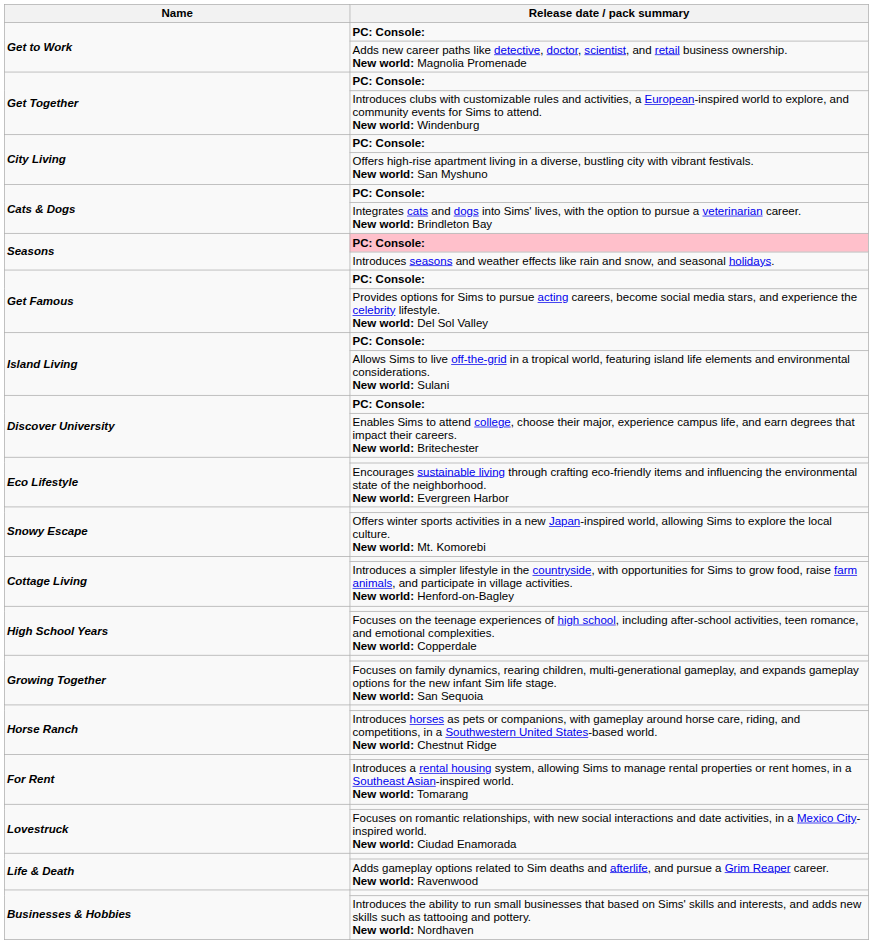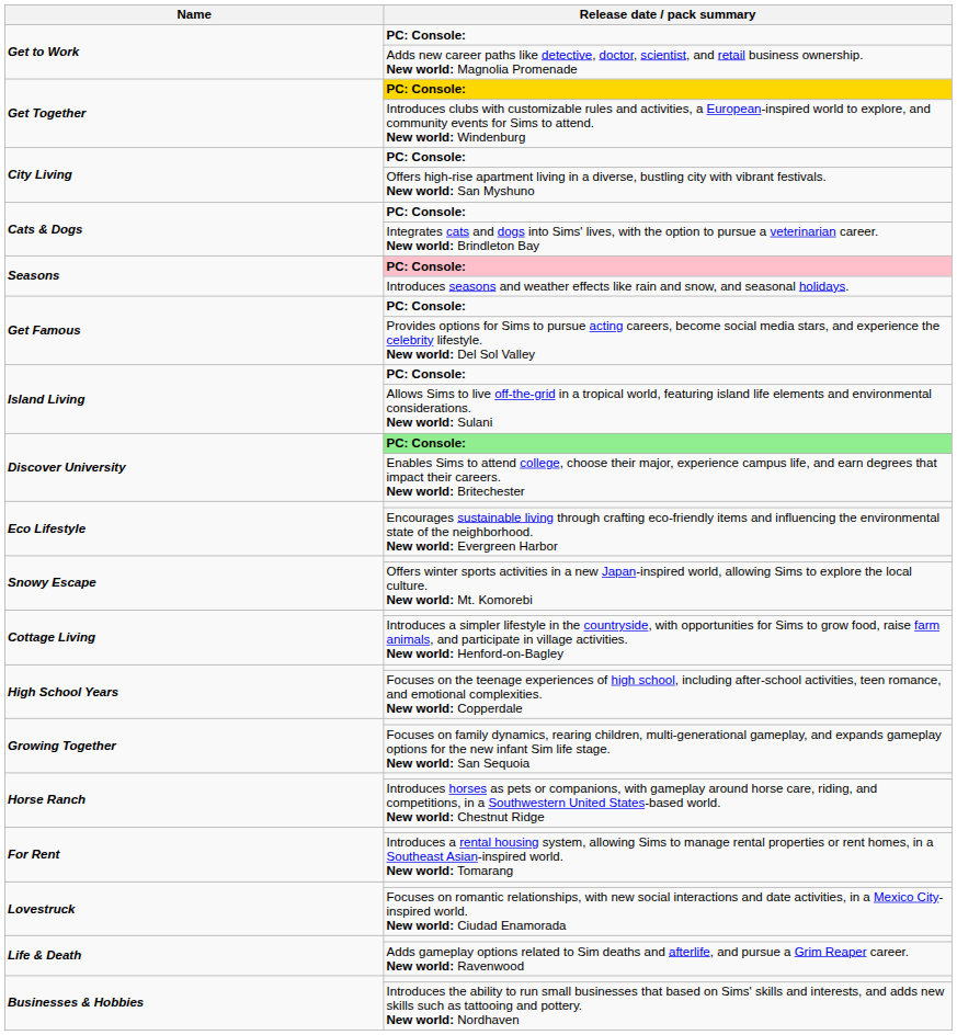 <table class="wikitable" width="95%">
 <tr>
 <th width="40%">Name</th>
 <th>Release date / pack summary</th>
 </tr>
 <tr>
 <td rowspan="2"><strong><em>Get to Work</em></strong></td>
 <td><strong>PC:</strong> <strong>Console:</strong></td>
 </tr>
 <tr>
 <td>Adds new career paths like <a href='#'>detective</a>, <a href='#'>doctor</a>, <a href='#'>scientist</a>, and <a href='#'>retail</a> business ownership.<br><strong>New world:</strong> Magnolia Promenade</td>
 </tr>
 <tr>
 <td rowspan="2"><strong><em>Get Together</em></strong></td>
-<td><strong>PC:</strong> <strong>Console:</strong></td>
+<td style="background: gold;"><strong>PC:</strong> <strong>Console:</strong></td>
 </tr>
 <tr>
 <td>Introduces clubs with customizable rules and activities, a <a href='#'>European</a>-inspired world to explore, and community events for Sims to attend.<br><strong>New world:</strong> Windenburg</td>
 </tr>
 <tr>
 <td rowspan="2"><strong><em>City Living</em></strong></td>
 <td><strong>PC:</strong> <strong>Console:</strong></td>
 </tr>
 <tr>
 <td>Offers high-rise apartment living in a diverse, bustling city with vibrant festivals.<br><strong>New world:</strong> San Myshuno</td>
 </tr>
 <tr>
 <td rowspan="2"><strong><em>Cats & Dogs</em></strong></td>
 <td><strong>PC:</strong> <strong>Console:</strong></td>
 </tr>
 <tr>
 <td>Integrates <a href='#'>cats</a> and <a href='#'>dogs</a> into Sims' lives, with the option to pursue a <a href='#'>veterinarian</a> career.<br><strong>New world:</strong> Brindleton Bay</td>
 </tr>
 <tr>
 <td rowspan="2"><strong><em>Seasons</em></strong></td>
 <td style="background: pink;"><strong>PC:</strong> <strong>Console:</strong></td>
 </tr>
 <tr>
 <td>Introduces <a href='#'>seasons</a> and weather effects like rain and snow, and seasonal <a href='#'>holidays</a>.</td>
 </tr>
 <tr>
 <td rowspan="2"><strong><em>Get Famous</em></strong></td>
 <td><strong>PC:</strong> <strong>Console:</strong></td>
 </tr>
 <tr>
 <td>Provides options for Sims to pursue <a href='#'>acting</a> careers, become social media stars, and experience the <a href='#'>celebrity</a> lifestyle.<br><strong>New world:</strong> Del Sol Valley</td>
 </tr>
 <tr>
 <td rowspan="2"><strong><em>Island Living</em></strong></td>
 <td><strong>PC:</strong> <strong>Console:</strong></td>
 </tr>
 <tr>
 <td>Allows Sims to live <a href='#'>off-the-grid</a> in a tropical world, featuring island life elements and environmental considerations.<br><strong>New world:</strong> Sulani</td>
 </tr>
 <tr>
 <td rowspan="2"><strong><em>Discover University</em></strong></td>
-<td><strong>PC:</strong> <strong>Console:</strong></td>
+<td style="background: lightgreen;"><strong>PC:</strong> <strong>Console:</strong></td>
 </tr>
 <tr>
 <td>Enables Sims to attend <a href='#'>college</a>, choose their major, experience campus life, and earn degrees that impact their careers.<br><strong>New world:</strong> Britechester</td>
 </tr>
 <tr>
 <td rowspan="2"><strong><em>Eco Lifestyle</em></strong></td>
 <td></td>
 </tr>
 <tr>
 <td>Encourages <a href='#'>sustainable living</a> through crafting eco-friendly items and influencing the environmental state of the neighborhood.<br><strong>New world:</strong> Evergreen Harbor</td>
 </tr>
 <tr>
 <td rowspan="2"><strong><em>Snowy Escape</em></strong></td>
 <td></td>
 </tr>
 <tr>
 <td>Offers winter sports activities in a new <a href='#'>Japan</a>-inspired world, allowing Sims to explore the local culture.<br><strong>New world:</strong> Mt. Komorebi</td>
 </tr>
 <tr>
 <td rowspan="2"><strong><em>Cottage Living</em></strong></td>
 <td></td>
 </tr>
 <tr>
 <td>Introduces a simpler lifestyle in the <a href='#'>countryside</a>, with opportunities for Sims to grow food, raise <a href='#'>farm animals</a>, and participate in village activities.<br><strong>New world:</strong> Henford-on-Bagley</td>
 </tr>
 <tr>
 <td rowspan="2"><strong><em>High School Years</em></strong></td>
 <td></td>
 </tr>
 <tr>
 <td>Focuses on the teenage experiences of <a href='#'>high school</a>, including after-school activities, teen romance, and emotional complexities.<br><strong>New world:</strong> Copperdale</td>
 </tr>
 <tr>
 <td rowspan="2"><strong><em>Growing Together</em></strong></td>
 <td></td>
 </tr>
 <tr>
 <td>Focuses on family dynamics, rearing children, multi-generational gameplay, and expands gameplay options for the new infant Sim life stage.<br><strong>New world:</strong> San Sequoia</td>
 </tr>
 <tr>
 <td rowspan="2"><strong><em>Horse Ranch</em></strong></td>
 <td></td>
 </tr>
 <tr>
 <td>Introduces <a href='#'>horses</a> as pets or companions, with gameplay around horse care, riding, and competitions, in a <a href='#'>Southwestern United States</a>-based world.<br><strong>New world:</strong> Chestnut Ridge</td>
 </tr>
 <tr>
 <td rowspan="2"><strong><em>For Rent</em></strong></td>
 <td></td>
 </tr>
 <tr>
 <td>Introduces a <a href='#'>rental housing</a> system, allowing Sims to manage rental properties or rent homes, in a <a href='#'>Southeast Asian</a>-inspired world.<br><strong>New world:</strong> Tomarang</td>
 </tr>
 <tr>
 <td rowspan="2"><strong><em>Lovestruck</em></strong></td>
 <td></td>
 </tr>
 <tr>
 <td>Focuses on romantic relationships, with new social interactions and date activities, in a <a href='#'>Mexico City</a>-inspired world.<br><strong>New world:</strong> Ciudad Enamorada</td>
 </tr>
 <tr>
 <td rowspan="2"><strong><em>Life & Death</em></strong></td>
 <td></td>
 </tr>
 <tr>
 <td>Adds gameplay options related to Sim deaths and <a href='#'>afterlife</a>, and pursue a <a href='#'>Grim Reaper</a> career.<br><strong>New world:</strong> Ravenwood</td>
 </tr>
 <tr>
 <td rowspan="2"><strong><em>Businesses & Hobbies</em></strong></td>
 <td></td>
 </tr>
 <tr>
 <td>Introduces the ability to run small businesses that based on Sims' skills and interests, and adds new skills such as tattooing and pottery.<br><strong>New world:</strong> Nordhaven</td>
 </tr>
 </table>
